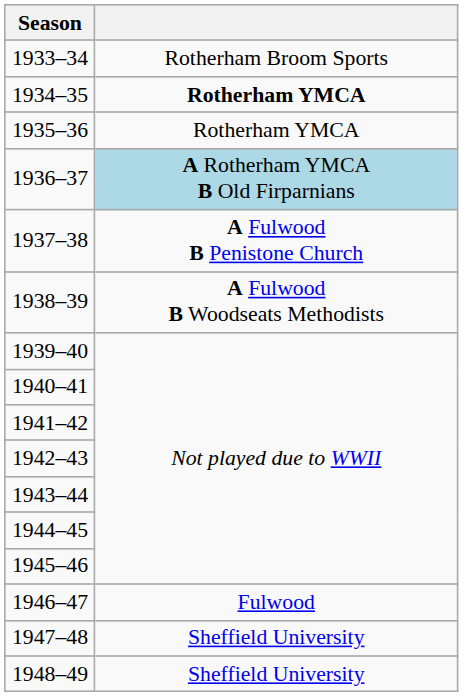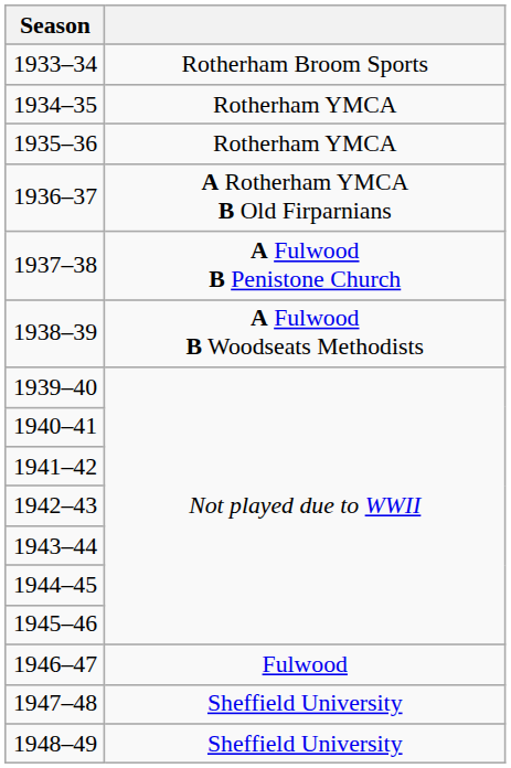 <table class="wikitable" style="text-align: center; font-size:85%">
 <tr>
 <th width=50>Season</th>
 <th width=220></th>
 </tr>
 <tr>
 <td>1933–34</td>
 <td>Rotherham Broom Sports</td>
 </tr>
 <tr>
 <td>1934–35</td>
-<td><strong>Rotherham YMCA</strong></td>
+<td>Rotherham YMCA</td>
 </tr>
 <tr>
 <td>1935–36</td>
 <td>Rotherham YMCA</td>
 </tr>
 <tr>
 <td>1936–37</td>
-<td style="background: lightblue;"><strong>A</strong> Rotherham YMCA<br><strong>B</strong> Old Firparnians</td>
+<td><strong>A</strong> Rotherham YMCA<br><strong>B</strong> Old Firparnians</td>
 </tr>
 <tr>
 <td>1937–38</td>
 <td><strong>A</strong> <a href='#'>Fulwood</a><br><strong>B</strong> <a href='#'>Penistone Church</a></td>
 </tr>
 <tr>
 <td>1938–39</td>
 <td><strong>A</strong> <a href='#'>Fulwood</a><br><strong>B</strong> Woodseats Methodists</td>
 </tr>
 <tr>
 <td>1939–40</td>
 <td rowspan="7"><em>Not played due to <a href='#'>WWII</a></em></td>
 </tr>
 <tr>
 <td>1940–41</td>
 </tr>
 <tr>
 <td>1941–42</td>
 </tr>
 <tr>
 <td>1942–43</td>
 </tr>
 <tr>
 <td>1943–44</td>
 </tr>
 <tr>
 <td>1944–45</td>
 </tr>
 <tr>
 <td>1945–46</td>
 </tr>
 <tr>
 <td>1946–47</td>
 <td><a href='#'>Fulwood</a></td>
 </tr>
 <tr>
 <td>1947–48</td>
 <td><a href='#'>Sheffield University</a></td>
 </tr>
 <tr>
 <td>1948–49</td>
 <td><a href='#'>Sheffield University</a></td>
 </tr>
 </table>
